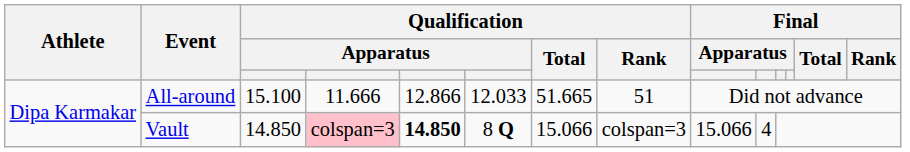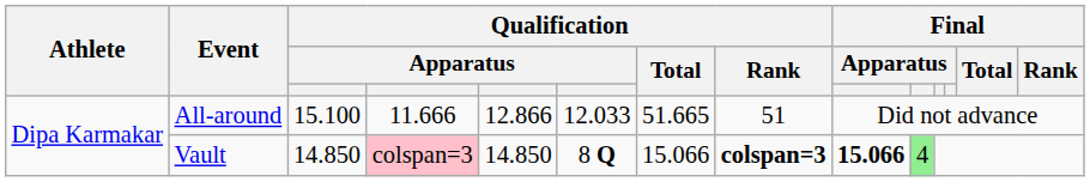 <table class="wikitable" style="font-size:90%">
 <tr>
 <th rowspan=3>Athlete</th>
 <th rowspan=3>Event</th>
 <th colspan=6>Qualification</th>
 <th colspan=6>Final</th>
 </tr>
 <tr style="font-size:95%">
 <th colspan=4>Apparatus</th>
 <th rowspan=2>Total</th>
 <th rowspan=2>Rank</th>
 <th colspan=4>Apparatus</th>
 <th rowspan=2>Total</th>
 <th rowspan=2>Rank</th>
 </tr>
 <tr style="font-size:95%">
 <th></th>
 <th></th>
 <th></th>
 <th></th>
 <th></th>
 <th></th>
 <th></th>
 <th></th>
 </tr>
 <tr align=center>
 <td align=left rowspan=2><a href='#'>Dipa Karmakar</a></td>
 <td align=left><a href='#'>All-around</a></td>
 <td>15.100</td>
 <td>11.666</td>
 <td>12.866</td>
 <td>12.033</td>
 <td>51.665</td>
 <td>51</td>
 <td colspan=6>Did not advance</td>
 </tr>
 <tr align=center>
 <td align=left><a href='#'>Vault</a></td>
 <td>14.850</td>
 <td style="background: pink;">colspan=3 </td>
-<td><strong>14.850</strong></td>
+<td>14.850</td>
 <td>8 <strong>Q</strong></td>
 <td>15.066</td>
-<td>colspan=3 </td>
-<td>15.066</td>
-<td>4</td>
+<td><strong>colspan=3 </strong></td>
+<td><strong>15.066</strong></td>
+<td style="background: lightgreen;">4</td>
 </tr>
 </table>
